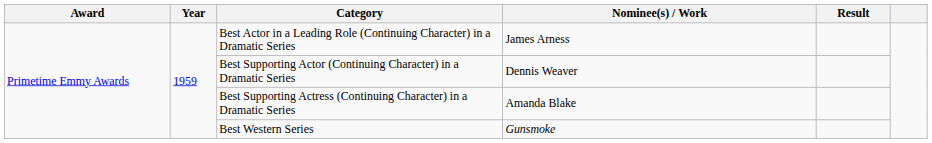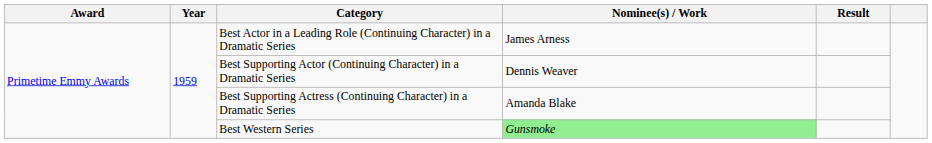 <table class="wikitable sortable plainrowheaders">
 <tr>
 <th scope="col" style="width:18%;">Award</th>
 <th scope="col" style="width:5%;">Year</th>
 <th scope="col" style="width:31%;">Category</th>
 <th scope="col" style="width:34%;">Nominee(s) / Work</th>
 <th scope="col" style="width:8%;">Result</th>
 <th scope="col" style="width:4%;" class="unsortable"></th>
 </tr>
 <tr>
 <td rowspan="4"><a href='#'>Primetime Emmy Awards</a></td>
 <td rowspan="4"><a href='#'>1959</a></td>
 <td>Best Actor in a Leading Role (Continuing Character) in a Dramatic Series</td>
 <td>James Arness</td>
 <td></td>
 <td rowspan="4"></td>
 </tr>
 <tr>
 <td>Best Supporting Actor (Continuing Character) in a Dramatic Series</td>
 <td>Dennis Weaver</td>
 <td></td>
 </tr>
 <tr>
 <td>Best Supporting Actress (Continuing Character) in a Dramatic Series</td>
 <td>Amanda Blake</td>
 <td></td>
 </tr>
 <tr>
 <td>Best Western Series</td>
-<td><em>Gunsmoke</em></td>
+<td style="background: lightgreen;"><em>Gunsmoke</em></td>
 <td></td>
 </tr>
 </table>
